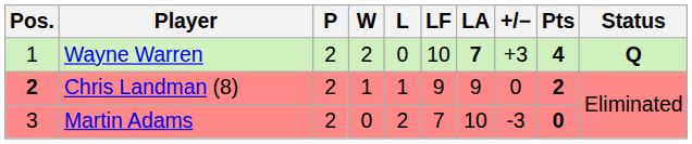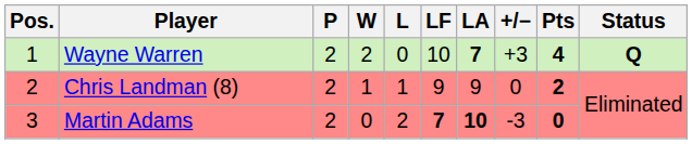 <table class="wikitable" style="text-align:center; margin: 1em auto 1em auto, align:left">
 <tr>
 <th width=20>Pos.</th>
 <th width=185>Player</th>
 <th width=20>P</th>
 <th width=20>W</th>
 <th width=20>L</th>
 <th width=20>LF</th>
 <th width=20>LA</th>
 <th width=25>+/−</th>
 <th width=20>Pts</th>
 <th width=70>Status</th>
 </tr>
 <tr style="background:#D0F0C0;">
 <td>1</td>
 <td align=left> <a href='#'>Wayne Warren</a></td>
 <td>2</td>
 <td>2</td>
 <td>0</td>
 <td>10</td>
 <td><strong>7</strong></td>
 <td>+3</td>
 <td><strong>4</strong></td>
 <td rowspan=1><strong>Q</strong></td>
 </tr>
 <tr style="background:#FF8888;">
-<td><strong>2</strong></td>
+<td>2</td>
 <td align=left> <a href='#'>Chris Landman</a> (8)</td>
 <td>2</td>
 <td>1</td>
 <td>1</td>
 <td>9</td>
 <td>9</td>
 <td>0</td>
 <td><strong>2</strong></td>
 <td rowspan=2>Eliminated</td>
 </tr>
 <tr style="background:#FF8888;">
 <td>3</td>
 <td align=left> <a href='#'>Martin Adams</a></td>
 <td>2</td>
 <td>0</td>
 <td>2</td>
-<td>7</td>
-<td>10</td>
+<td><strong>7</strong></td>
+<td><strong>10</strong></td>
 <td>-3</td>
 <td><strong>0</strong></td>
 </tr>
 </table>
